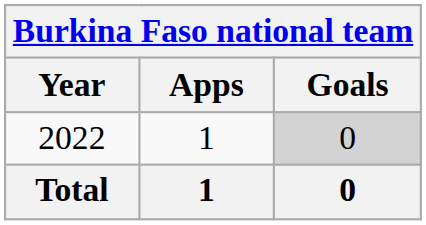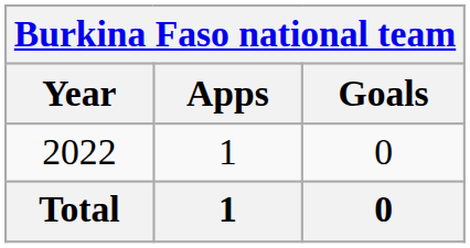 <table class="wikitable" style="text-align:center">
 <tr>
 <th colspan=3><a href='#'>Burkina Faso national team</a></th>
 </tr>
 <tr>
 <th>Year</th>
 <th>Apps</th>
 <th>Goals</th>
 </tr>
 <tr>
 <td>2022</td>
 <td>1</td>
-<td style="background: lightgrey;">0</td>
+<td>0</td>
 </tr>
 <tr>
 <th>Total</th>
 <th>1</th>
 <th>0</th>
 </tr>
 </table>
